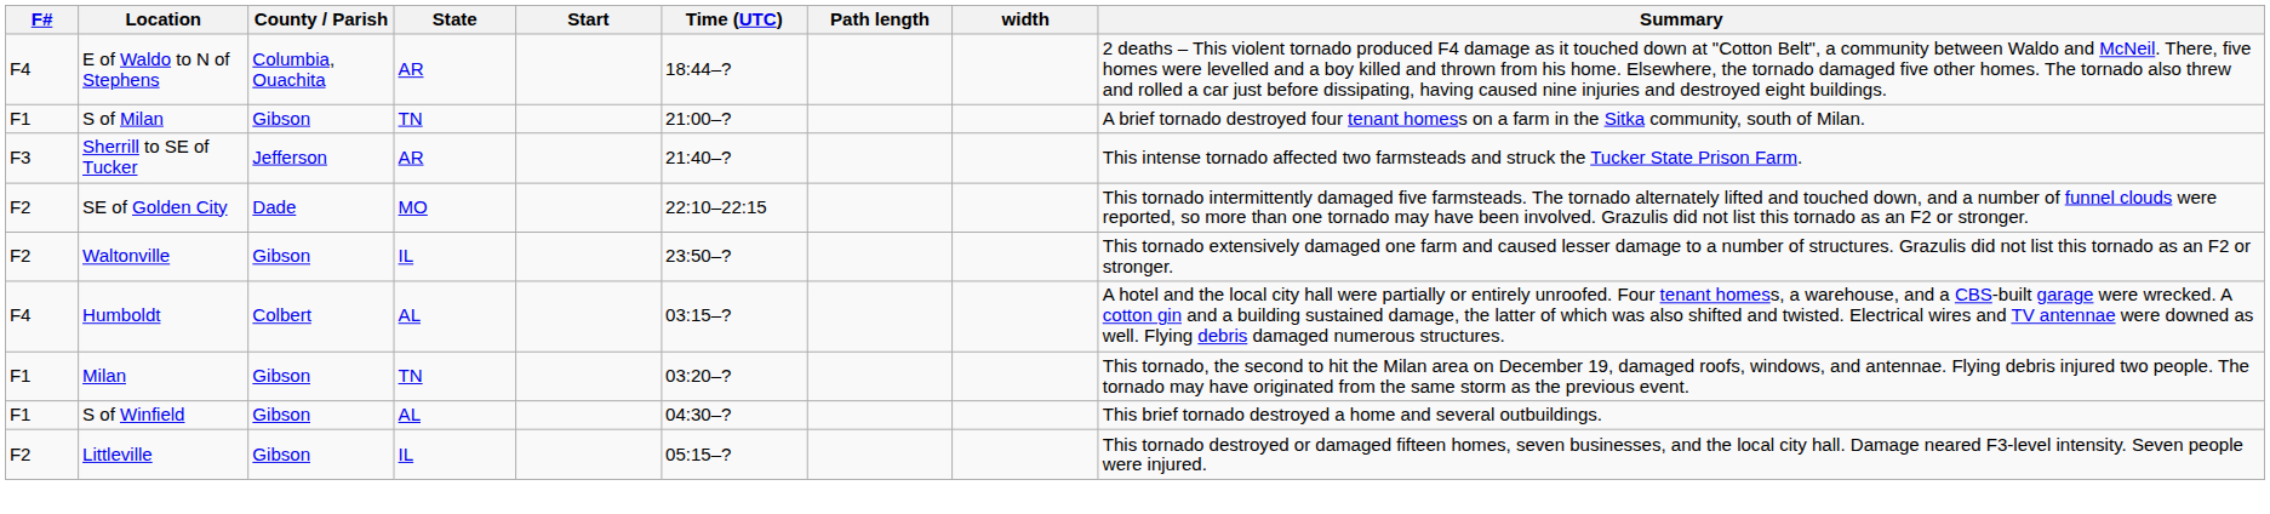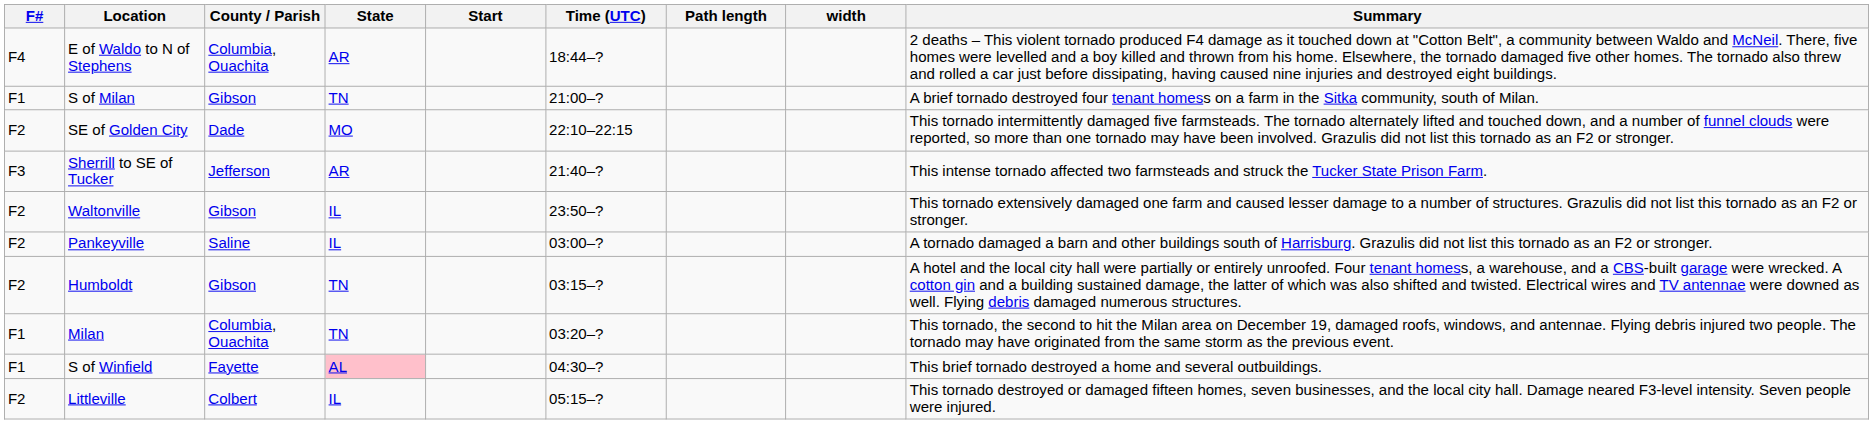 <table class="wikitable sortable" style="width:100%;">
 <tr>
 <th scope="col"  style="width:3%; text-align:center;"><a href='#'>F#</a></th>
 <th scope="col"  style="width:7%; text-align:center;" class="unsortable">Location</th>
 <th scope="col"  style="width:6%; text-align:center;" class="unsortable">County / Parish</th>
 <th scope="col"  style="width:5%; text-align:center;">State</th>
 <th scope="col"  style="width:6%; text-align:center;">Start<br></th>
 <th scope="col"  style="width:6%; text-align:center;">Time (<a href='#'>UTC</a>)</th>
 <th scope="col"  style="width:6%; text-align:center;">Path length</th>
 <th scope="col"  style="width:6%; text-align:center;"> width</th>
 <th scope="col" class="unsortable" style="width:48%; text-align:center;">Summary</th>
 </tr>
 <tr>
 <td>F4</td>
 <td>E of <a href='#'>Waldo</a> to N of <a href='#'>Stephens</a></td>
 <td><a href='#'>Columbia</a>, <a href='#'>Ouachita</a></td>
 <td><a href='#'>AR</a></td>
 <td></td>
 <td>18:44–?</td>
 <td></td>
 <td></td>
 <td>2 deaths – This violent tornado produced F4 damage as it touched down at "Cotton Belt", a community between Waldo and <a href='#'>McNeil</a>. There, five homes were levelled and a boy killed and thrown  from his home. Elsewhere, the tornado damaged five other homes. The tornado also threw and rolled a car  just before dissipating, having caused nine injuries and destroyed eight buildings.</td>
 </tr>
 <tr>
 <td>F1</td>
 <td>S of <a href='#'>Milan</a></td>
 <td><a href='#'>Gibson</a></td>
 <td><a href='#'>TN</a></td>
 <td></td>
 <td>21:00–?</td>
 <td></td>
 <td></td>
 <td>A brief tornado destroyed four <a href='#'>tenant homes</a>s on a farm in the <a href='#'>Sitka</a> community, south of Milan.</td>
 </tr>
 <tr>
+<td>F2</td>
+<td>SE of <a href='#'>Golden City</a></td>
+<td><a href='#'>Dade</a></td>
+<td><a href='#'>MO</a></td>
+<td></td>
+<td>22:10–22:15</td>
+<td></td>
+<td></td>
+<td>This tornado intermittently damaged five farmsteads. The tornado alternately lifted and touched down, and a number of <a href='#'>funnel clouds</a> were reported, so more than one tornado may have been involved. Grazulis did not list this tornado as an F2 or stronger.</td>
+</tr>
+<tr>
 <td>F3</td>
 <td><a href='#'>Sherrill</a> to SE of <a href='#'>Tucker</a></td>
 <td><a href='#'>Jefferson</a></td>
 <td><a href='#'>AR</a></td>
 <td></td>
 <td>21:40–?</td>
 <td></td>
 <td></td>
 <td>This intense tornado affected two farmsteads and struck the <a href='#'>Tucker State Prison Farm</a>.</td>
-</tr>
-<tr>
-<td>F2</td>
-<td>SE of <a href='#'>Golden City</a></td>
-<td><a href='#'>Dade</a></td>
-<td><a href='#'>MO</a></td>
-<td></td>
-<td>22:10–22:15</td>
-<td></td>
-<td></td>
-<td>This tornado intermittently damaged five farmsteads. The tornado alternately lifted and touched down, and a number of <a href='#'>funnel clouds</a> were reported, so more than one tornado may have been involved. Grazulis did not list this tornado as an F2 or stronger.</td>
 </tr>
 <tr>
 <td>F2</td>
 <td><a href='#'>Waltonville</a></td>
 <td><a href='#'>Gibson</a></td>
 <td><a href='#'>IL</a></td>
 <td></td>
 <td>23:50–?</td>
 <td></td>
 <td></td>
 <td>This tornado extensively damaged one farm and caused lesser damage to a number of structures. Grazulis did not list this tornado as an F2 or stronger.</td>
 </tr>
 <tr>
-<td>F4</td>
+<td>F2</td>
+<td><a href='#'>Pankeyville</a></td>
+<td><a href='#'>Saline</a></td>
+<td><a href='#'>IL</a></td>
+<td></td>
+<td>03:00–?</td>
+<td></td>
+<td></td>
+<td>A tornado damaged a barn and other buildings south of <a href='#'>Harrisburg</a>. Grazulis did not list this tornado as an F2 or stronger.</td>
+</tr>
+<tr>
+<td>F2</td>
 <td><a href='#'>Humboldt</a></td>
-<td><a href='#'>Colbert</a></td>
-<td><a href='#'>AL</a></td>
+<td><a href='#'>Gibson</a></td>
+<td><a href='#'>TN</a></td>
 <td></td>
 <td>03:15–?</td>
 <td></td>
 <td></td>
 <td>A hotel and the local city hall were partially or entirely unroofed. Four <a href='#'>tenant homes</a>s, a warehouse, and a <a href='#'>CBS</a>-built <a href='#'>garage</a> were wrecked. A <a href='#'>cotton gin</a> and a building sustained damage, the latter of which was also shifted and twisted. Electrical wires and <a href='#'>TV antennae</a> were downed as well. Flying <a href='#'>debris</a> damaged numerous structures.</td>
 </tr>
 <tr>
 <td>F1</td>
 <td><a href='#'>Milan</a></td>
-<td><a href='#'>Gibson</a></td>
+<td><a href='#'>Columbia</a>, <a href='#'>Ouachita</a></td>
 <td><a href='#'>TN</a></td>
 <td></td>
 <td>03:20–?</td>
 <td></td>
 <td></td>
 <td>This tornado, the second to hit the Milan area on December 19, damaged roofs, windows, and antennae. Flying debris injured two people. The tornado may have originated from the same storm as the previous event.</td>
 </tr>
 <tr>
 <td>F1</td>
 <td>S of <a href='#'>Winfield</a></td>
-<td><a href='#'>Gibson</a></td>
-<td><a href='#'>AL</a></td>
+<td><a href='#'>Fayette</a></td>
+<td style="background: pink;"><a href='#'>AL</a></td>
 <td></td>
 <td>04:30–?</td>
 <td></td>
 <td></td>
 <td>This brief tornado destroyed a home and several outbuildings.</td>
 </tr>
 <tr>
 <td>F2</td>
 <td><a href='#'>Littleville</a></td>
-<td><a href='#'>Gibson</a></td>
+<td><a href='#'>Colbert</a></td>
 <td><a href='#'>IL</a></td>
 <td></td>
 <td>05:15–?</td>
 <td></td>
 <td></td>
 <td>This tornado destroyed or damaged fifteen homes, seven businesses, and the local city hall. Damage neared F3-level intensity. Seven people were injured.</td>
 </tr>
 </table>
